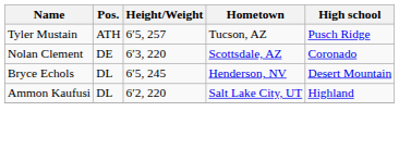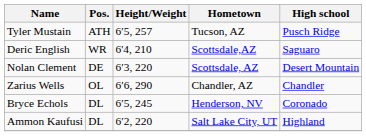 <table class="wikitable sortable">
 <tr>
 <th style="text-align:center; ">Name</th>
 <th style="text-align:center; ">Pos.</th>
 <th style="text-align:center; ">Height/Weight</th>
 <th style="text-align:center; ">Hometown</th>
 <th style="text-align:center; ">High school</th>
 </tr>
 <tr>
 <td>Tyler Mustain</td>
 <td>ATH</td>
 <td>6′5, 257</td>
 <td>Tucson, AZ</td>
 <td><a href='#'>Pusch Ridge</a></td>
 </tr>
 <tr>
+<td>Deric English</td>
+<td>WR</td>
+<td>6'4, 210</td>
+<td><a href='#'>Scottsdale,AZ</a></td>
+<td><a href='#'>Saguaro</a></td>
+</tr>
+<tr>
 <td>Nolan Clement</td>
 <td>DE</td>
 <td>6′3, 220</td>
 <td><a href='#'>Scottsdale, AZ</a></td>
-<td><a href='#'>Coronado</a></td>
+<td><a href='#'>Desert Mountain</a></td>
+</tr>
+<tr>
+<td>Zarius Wells</td>
+<td>OL</td>
+<td>6′6, 290</td>
+<td>Chandler, AZ</td>
+<td><a href='#'>Chandler</a></td>
 </tr>
 <tr>
 <td>Bryce Echols</td>
 <td>DL</td>
 <td>6′5, 245</td>
 <td><a href='#'>Henderson, NV</a></td>
-<td><a href='#'>Desert Mountain</a></td>
+<td><a href='#'>Coronado</a></td>
 </tr>
 <tr>
 <td>Ammon Kaufusi</td>
 <td>DL</td>
 <td>6′2, 220</td>
 <td><a href='#'>Salt Lake City, UT</a></td>
 <td><a href='#'>Highland</a></td>
 </tr>
 <tr>
 </tr>
 </table>
